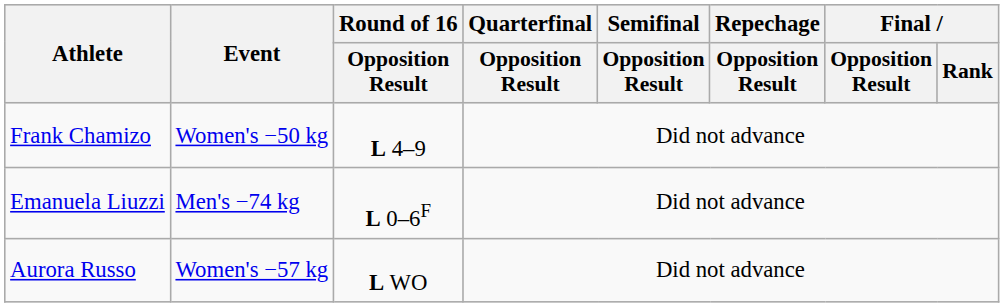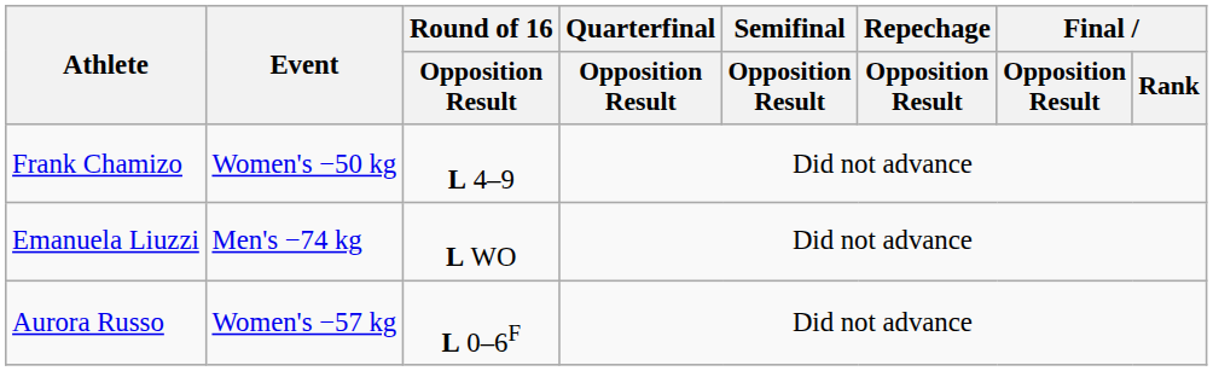 <table class="wikitable" style="font-size:90%">
 <tr>
 <th rowspan=2>Athlete</th>
 <th rowspan=2>Event</th>
 <th>Round of 16</th>
 <th>Quarterfinal</th>
 <th>Semifinal</th>
 <th>Repechage</th>
 <th colspan=2>Final / </th>
 </tr>
 <tr style="font-size: 95%">
 <th>Opposition<br>Result</th>
 <th>Opposition<br>Result</th>
 <th>Opposition<br>Result</th>
 <th>Opposition<br>Result</th>
 <th>Opposition<br>Result</th>
 <th>Rank</th>
 </tr>
 <tr align=center>
 <td align=left><a href='#'>Frank Chamizo</a></td>
 <td align=left><a href='#'>Women's −50 kg</a></td>
 <td><br><strong>L</strong> 4–9</td>
 <td colspan=5>Did not advance</td>
 </tr>
 <tr align=center>
 <td align=left><a href='#'>Emanuela Liuzzi</a></td>
 <td align=left><a href='#'>Men's −74 kg</a></td>
-<td><br><strong>L</strong> 0–6<sup>F</sup></td>
+<td> <br> <strong>L</strong> WO</td>
 <td colspan=5>Did not advance</td>
 </tr>
 <tr align=center>
 <td align=left><a href='#'>Aurora Russo</a></td>
 <td align=left><a href='#'>Women's −57 kg</a></td>
-<td> <br> <strong>L</strong> WO</td>
+<td><br><strong>L</strong> 0–6<sup>F</sup></td>
 <td colspan=5>Did not advance</td>
 </tr>
 </table>
